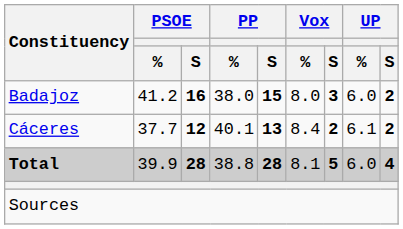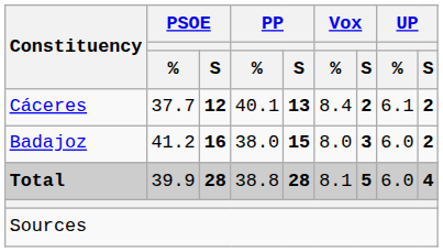 <table class="wikitable sortable" style="text-align:right; line-height:20px;">
 <tr>
 <th rowspan="3">Constituency</th>
 <th colspan="2" width="30px" class="unsortable"><a href='#'>PSOE</a></th>
 <th colspan="2" width="30px" class="unsortable"><a href='#'>PP</a></th>
 <th colspan="2" width="30px" class="unsortable"><a href='#'>Vox</a></th>
 <th colspan="2" width="30px" class="unsortable"><a href='#'>UP</a></th>
 </tr>
 <tr>
 <th colspan="2" style="background:"></th>
 <th colspan="2" style="background:"></th>
 <th colspan="2" style="background:"></th>
 <th colspan="2" style="background:"></th>
 </tr>
 <tr>
 <th data-sort-type="number">%</th>
 <th data-sort-type="number">S</th>
 <th data-sort-type="number">%</th>
 <th data-sort-type="number">S</th>
 <th data-sort-type="number">%</th>
 <th data-sort-type="number">S</th>
 <th data-sort-type="number">%</th>
 <th data-sort-type="number">S</th>
 </tr>
 <tr>
+<td align="left"><a href='#'>Cáceres</a></td>
+<td>37.7</td>
+<td><strong>12</strong></td>
+<td style="background:">40.1</td>
+<td><strong>13</strong></td>
+<td>8.4</td>
+<td><strong>2</strong></td>
+<td>6.1</td>
+<td><strong>2</strong></td>
+</tr>
+<tr>
 <td align="left"><a href='#'>Badajoz</a></td>
 <td style="background:">41.2</td>
 <td><strong>16</strong></td>
 <td>38.0</td>
 <td><strong>15</strong></td>
 <td>8.0</td>
 <td><strong>3</strong></td>
 <td>6.0</td>
-<td><strong>2</strong></td>
-</tr>
-<tr>
-<td align="left"><a href='#'>Cáceres</a></td>
-<td>37.7</td>
-<td><strong>12</strong></td>
-<td style="background:">40.1</td>
-<td><strong>13</strong></td>
-<td>8.4</td>
-<td><strong>2</strong></td>
-<td>6.1</td>
 <td><strong>2</strong></td>
 </tr>
 <tr style="background:#CDCDCD;">
 <td align="left"><strong>Total</strong></td>
 <td style="background:">39.9</td>
 <td><strong>28</strong></td>
 <td>38.8</td>
 <td><strong>28</strong></td>
 <td>8.1</td>
 <td><strong>5</strong></td>
 <td>6.0</td>
 <td><strong>4</strong></td>
 </tr>
 <tr>
 <th colspan="9"></th>
 </tr>
 <tr>
 <th style="text-align:left; font-weight:normal; background:#F9F9F9" colspan="9">Sources</th>
 </tr>
 </table>
